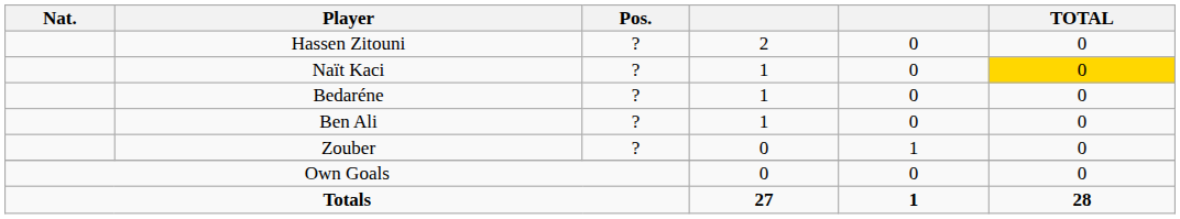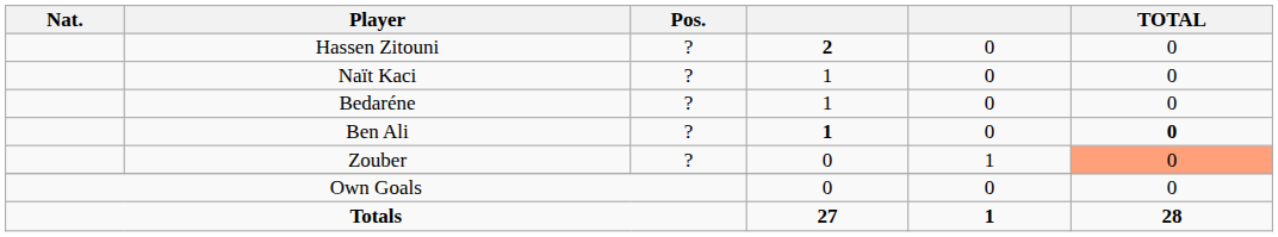 <table class="wikitable sortable alternance"  style="font-size:95%; text-align:center; line-height:14px; width:60%;">
 <tr>
 <th width=10>Nat.</th>
 <th width=140>Player</th>
 <th width=10>Pos.</th>
 <th width=40></th>
 <th width=40></th>
 <th width=10>TOTAL</th>
 </tr>
 <tr>
 <td></td>
 <td>Hassen Zitouni</td>
 <td>?</td>
-<td>2</td>
+<td><strong>2</strong></td>
 <td>0</td>
 <td>0</td>
 </tr>
 <tr>
 <td></td>
 <td>Naït Kaci</td>
 <td>?</td>
 <td>1</td>
 <td>0</td>
-<td style="background: gold;">0</td>
+<td>0</td>
 </tr>
 <tr>
 <td></td>
 <td>Bedaréne</td>
 <td>?</td>
 <td>1</td>
 <td>0</td>
 <td>0</td>
 </tr>
 <tr>
 <td></td>
 <td>Ben Ali</td>
 <td>?</td>
-<td>1</td>
+<td><strong>1</strong></td>
 <td>0</td>
-<td>0</td>
+<td><strong>0</strong></td>
 </tr>
 <tr>
 <td></td>
 <td>Zouber</td>
 <td>?</td>
 <td>0</td>
 <td>1</td>
-<td>0</td>
+<td style="background: lightsalmon;">0</td>
 </tr>
 <tr>
 </tr>
 <tr class="sortbottom">
 <td colspan="3">Own Goals</td>
 <td>0</td>
 <td>0</td>
 <td>0</td>
 </tr>
 <tr class="sortbottom">
 <td colspan="3"><strong>Totals</strong></td>
 <td><strong>27</strong></td>
 <td><strong>1</strong></td>
 <td><strong>28</strong></td>
 </tr>
 </table>
